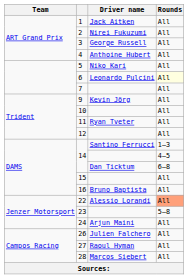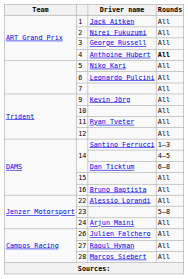 <table class=wikitable style="font-size:85%;">
 <tr>
 <th>Team</th>
 <th></th>
 <th>Driver name</th>
 <th>Rounds</th>
 </tr>
 <tr>
 <td rowspan=4> <a href='#'>ART Grand Prix</a></td>
 <td>1</td>
 <td> <a href='#'>Jack Aitken</a></td>
 <td>All</td>
 </tr>
 <tr>
 <td>2</td>
 <td> <a href='#'>Nirei Fukuzumi</a></td>
 <td>All</td>
 </tr>
 <tr>
 <td>3</td>
 <td> <a href='#'>George Russell</a></td>
 <td>All</td>
 </tr>
 <tr>
 <td>4</td>
 <td> <a href='#'>Anthoine Hubert</a></td>
-<td>All</td>
+<td><strong>All</strong></td>
 </tr>
 <tr>
 <td rowspan=3></td>
 <td>5</td>
 <td> <a href='#'>Niko Kari</a></td>
 <td>All</td>
 </tr>
 <tr>
 <td>6</td>
 <td> <a href='#'>Leonardo Pulcini</a></td>
-<td style="background: lightyellow;">All</td>
+<td>All</td>
 </tr>
 <tr>
 <td>7</td>
 <td></td>
 <td>All</td>
 </tr>
 <tr>
 <td rowspan=4> <a href='#'>Trident</a></td>
 <td>9</td>
 <td> <a href='#'>Kevin Jörg</a></td>
 <td>All</td>
 </tr>
 <tr>
 <td>10</td>
 <td></td>
 <td>All</td>
 </tr>
 <tr>
 <td>11</td>
 <td> <a href='#'>Ryan Tveter</a></td>
 <td>All</td>
 </tr>
 <tr>
 <td>12</td>
 <td></td>
 <td>All</td>
 </tr>
 <tr>
 <td rowspan=5> <a href='#'>DAMS</a></td>
 <td rowspan=3>14</td>
 <td> <a href='#'>Santino Ferrucci</a></td>
 <td>1–3</td>
 </tr>
 <tr>
 <td></td>
 <td>4–5</td>
 </tr>
 <tr>
 <td> <a href='#'>Dan Ticktum</a></td>
 <td>6–8</td>
 </tr>
 <tr>
 <td>15</td>
 <td></td>
 <td>All</td>
 </tr>
 <tr>
 <td>16</td>
 <td> <a href='#'>Bruno Baptista</a></td>
 <td>All</td>
 </tr>
 <tr>
 <td rowspan=3> <a href='#'>Jenzer Motorsport</a></td>
 <td>22</td>
 <td> <a href='#'>Alessio Lorandi</a></td>
-<td style="background: lightsalmon;">All</td>
+<td>All</td>
 </tr>
 <tr>
 <td>23</td>
 <td></td>
 <td>5–8</td>
 </tr>
 <tr>
 <td>24</td>
 <td> <a href='#'>Arjun Maini</a></td>
 <td>All</td>
 </tr>
 <tr>
 <td rowspan=3> <a href='#'>Campos Racing</a></td>
 <td>26</td>
 <td> <a href='#'>Julien Falchero</a></td>
 <td>All</td>
 </tr>
 <tr>
 <td>27</td>
 <td> <a href='#'>Raoul Hyman</a></td>
 <td>All</td>
 </tr>
 <tr>
 <td>28</td>
 <td> <a href='#'>Marcos Siebert</a></td>
 <td>All</td>
 </tr>
 <tr>
 <th colspan=4>Sources:</th>
 </tr>
 </table>
